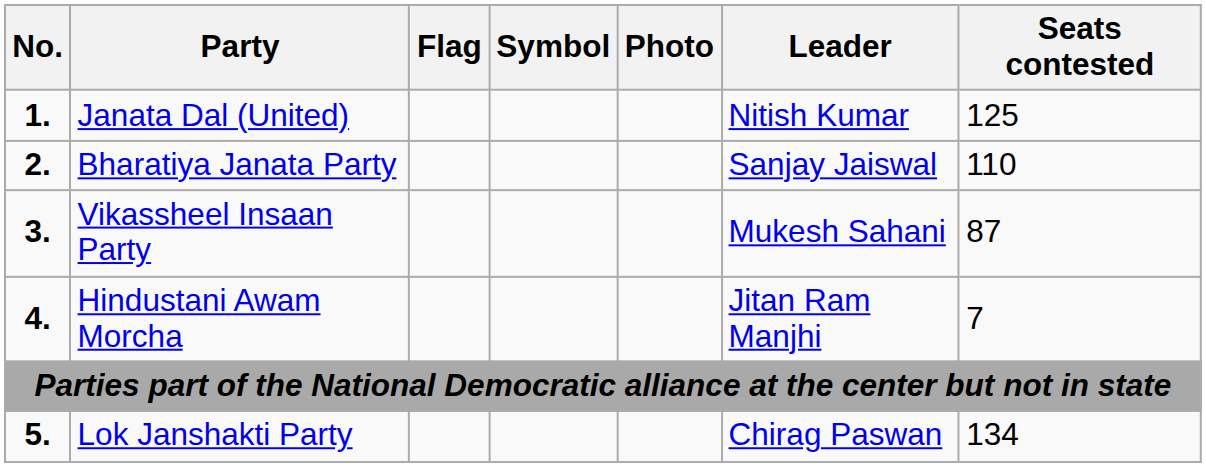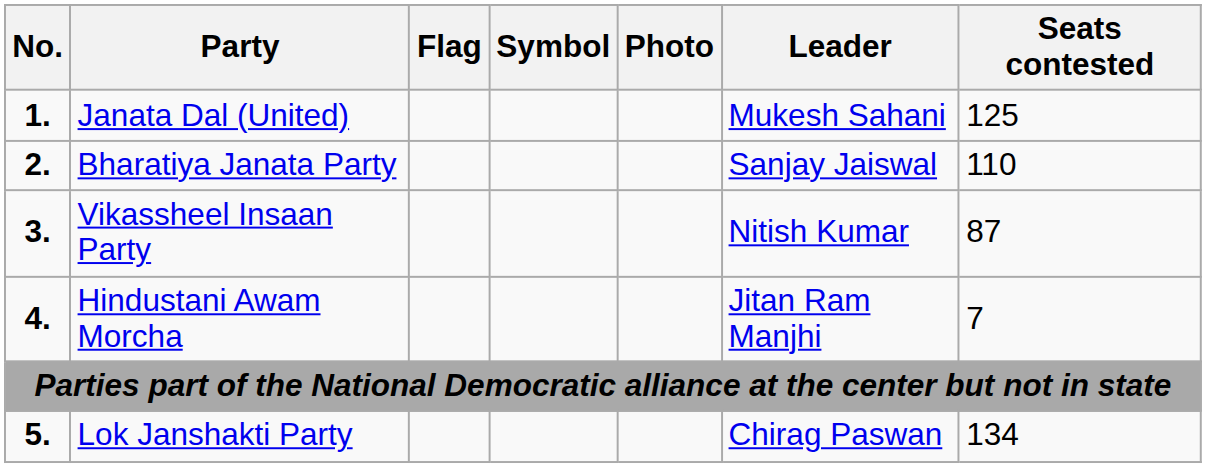 <table class="wikitable">
 <tr>
 <th>No.</th>
 <th>Party</th>
 <th>Flag</th>
 <th>Symbol</th>
 <th>Photo</th>
 <th>Leader</th>
 <th>Seats contested</th>
 </tr>
 <tr>
 <td style="text-align:center; background:"><strong>1.</strong></td>
 <td><a href='#'>Janata Dal (United)</a></td>
 <td></td>
 <td></td>
 <td></td>
-<td><a href='#'>Nitish Kumar</a></td>
+<td><a href='#'>Mukesh Sahani</a></td>
 <td>125</td>
 </tr>
 <tr>
 <td style="text-align:center; background:"><strong>2.</strong></td>
 <td><a href='#'>Bharatiya Janata Party</a></td>
 <td></td>
 <td></td>
 <td></td>
 <td><a href='#'>Sanjay Jaiswal</a></td>
 <td>110</td>
 </tr>
 <tr>
 <td style="text-align:center; background:"><strong>3.</strong></td>
 <td><a href='#'>Vikassheel Insaan Party</a></td>
 <td></td>
 <td></td>
 <td></td>
-<td><a href='#'>Mukesh Sahani</a></td>
+<td><a href='#'>Nitish Kumar</a></td>
 <td>87</td>
 </tr>
 <tr>
 <td style="text-align:center; background:"><strong>4.</strong></td>
 <td><a href='#'>Hindustani Awam Morcha</a></td>
 <td></td>
 <td></td>
 <td></td>
 <td><a href='#'>Jitan Ram Manjhi</a></td>
 <td>7</td>
 </tr>
 <tr>
 <td colspan="7" style="text-align:center; background:#A9A9A9"><strong><em>Parties part of the National Democratic alliance at the center but not in state</em></strong></td>
 </tr>
 <tr>
 <td style="text-align:center; background:"><strong>5.</strong></td>
 <td><a href='#'>Lok Janshakti Party</a></td>
 <td></td>
 <td></td>
 <td></td>
 <td><a href='#'>Chirag Paswan</a></td>
 <td>134</td>
 </tr>
 </table>
